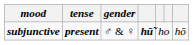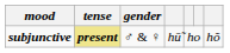 <table class="wikitable">
 <tr>
 <th><em>mood</em></th>
 <th><em>tense</em></th>
 <th><em>gender</em></th>
 <th></th>
 <th></th>
 <th></th>
 <th></th>
 </tr>
 <tr>
 <td><strong><em>subjunctive</em></strong></td>
-<td><strong><em>present</em></strong></td>
+<td style="background: khaki;"><strong><em>present</em></strong></td>
 <td>♂ & ♀</td>
-<td><strong><em>hū̃</em></strong></td>
+<td><em>hū̃</em></td>
 <td colspan="2"><em>ho</em></td>
 <td><em>hõ</em></td>
 </tr>
 </table>
